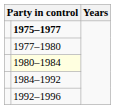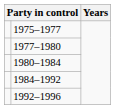 <table class="wikitable">
 <tr>
 <th colspan="2">Party in control</th>
 <th>Years</th>
 </tr>
 <tr>
 <td></td>
-<td><strong>1975–1977</strong></td>
+<td>1975–1977</td>
 </tr>
 <tr>
 <td></td>
 <td>1977–1980</td>
 </tr>
 <tr>
 <td></td>
-<td style="background: lightyellow;">1980–1984</td>
+<td>1980–1984</td>
 </tr>
 <tr>
 <td></td>
 <td>1984–1992</td>
 </tr>
 <tr>
 <td></td>
 <td>1992–1996</td>
 </tr>
 </table>
